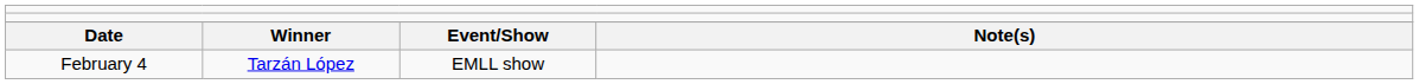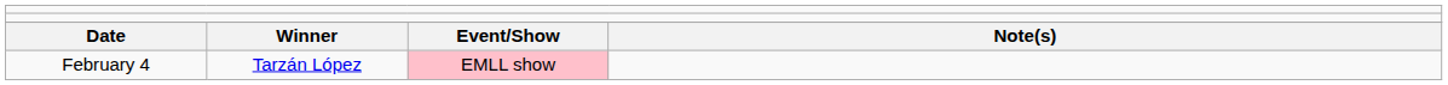 <table class="wikitable" style="text-align:center; width:100%;">
 <tr>
 <td colspan="5"></td>
 </tr>
 <tr>
 <td colspan="5"><strong></strong></td>
 </tr>
 <tr>
 </tr>
 <tr>
 <th width=14%>Date</th>
 <th width=14%>Winner</th>
 <th width=14%>Event/Show</th>
 <th width=58%>Note(s)</th>
 </tr>
 <tr>
 <td>February 4</td>
 <td><a href='#'>Tarzán López</a></td>
-<td>EMLL show</td>
+<td style="background: pink;">EMLL show</td>
 <td align=left></td>
 </tr>
 </table>
